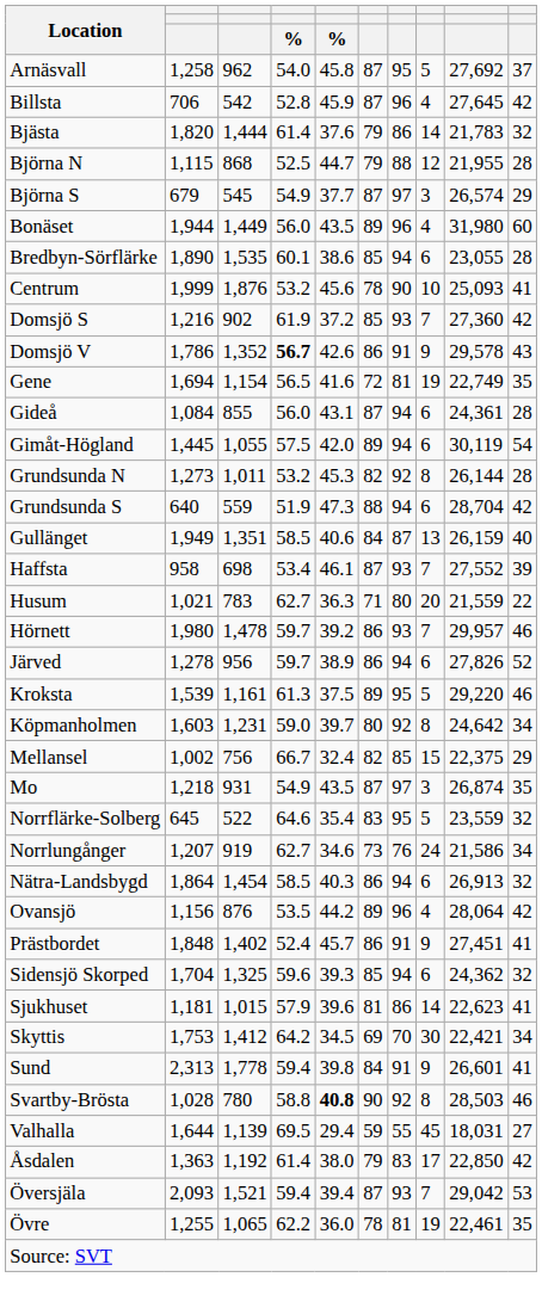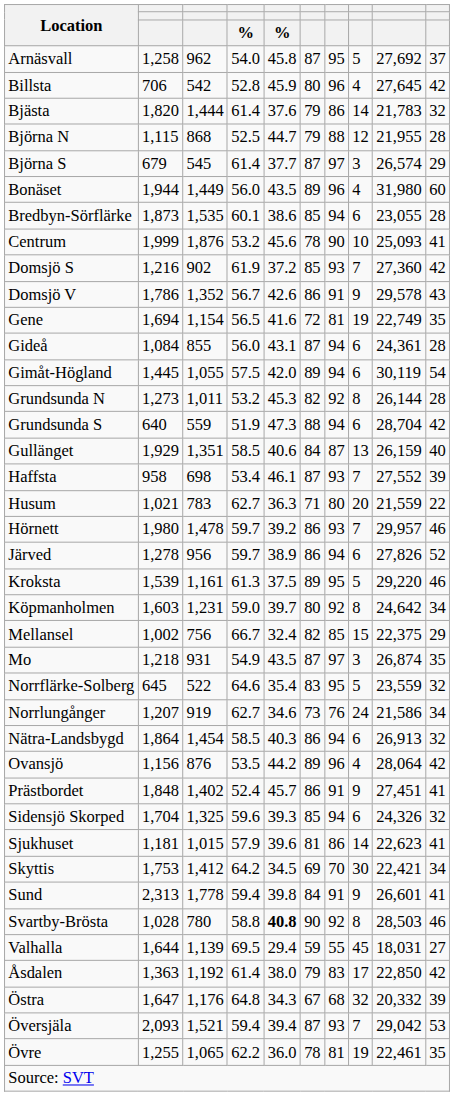 <table role="presentation" class="wikitable sortable mw-collapsible">
 <tr>
 <th rowspan="3">Location</th>
 <th></th>
 <th></th>
 <th></th>
 <th></th>
 <th></th>
 <th></th>
 <th></th>
 <th></th>
 <th></th>
 </tr>
 <tr>
 <th></th>
 <th></th>
 <th style="background:"></th>
 <th style="background:"></th>
 <th></th>
 <th></th>
 <th></th>
 <th></th>
 <th></th>
 </tr>
 <tr>
 <th data-sort-type="number"></th>
 <th data-sort-type="number"></th>
 <th data-sort-type="number">%</th>
 <th data-sort-type="number">%</th>
 <th data-sort-type="number"></th>
 <th data-sort-type="number"></th>
 <th data-sort-type="number"></th>
 <th data-sort-type="number"></th>
 <th data-sort-type="number"></th>
 </tr>
 <tr>
 <td align="left">Arnäsvall</td>
 <td>1,258</td>
 <td>962</td>
 <td>54.0</td>
 <td>45.8</td>
 <td>87</td>
 <td>95</td>
 <td>5</td>
 <td>27,692</td>
 <td>37</td>
 </tr>
 <tr>
 <td align="left">Billsta</td>
 <td>706</td>
 <td>542</td>
 <td>52.8</td>
 <td>45.9</td>
-<td>87</td>
+<td>80</td>
 <td>96</td>
 <td>4</td>
 <td>27,645</td>
 <td>42</td>
 </tr>
 <tr>
 <td align="left">Bjästa</td>
 <td>1,820</td>
 <td>1,444</td>
 <td>61.4</td>
 <td>37.6</td>
 <td>79</td>
 <td>86</td>
 <td>14</td>
 <td>21,783</td>
 <td>32</td>
 </tr>
 <tr>
 <td align="left">Björna N</td>
 <td>1,115</td>
 <td>868</td>
 <td>52.5</td>
 <td>44.7</td>
 <td>79</td>
 <td>88</td>
 <td>12</td>
 <td>21,955</td>
 <td>28</td>
 </tr>
 <tr>
 <td align="left">Björna S</td>
 <td>679</td>
 <td>545</td>
-<td>54.9</td>
+<td>61.4</td>
 <td>37.7</td>
 <td>87</td>
 <td>97</td>
 <td>3</td>
 <td>26,574</td>
 <td>29</td>
 </tr>
 <tr>
 <td align="left">Bonäset</td>
 <td>1,944</td>
 <td>1,449</td>
 <td>56.0</td>
 <td>43.5</td>
 <td>89</td>
 <td>96</td>
 <td>4</td>
 <td>31,980</td>
 <td>60</td>
 </tr>
 <tr>
 <td align="left">Bredbyn-Sörflärke</td>
-<td>1,890</td>
+<td>1,873</td>
 <td>1,535</td>
 <td>60.1</td>
 <td>38.6</td>
 <td>85</td>
 <td>94</td>
 <td>6</td>
 <td>23,055</td>
 <td>28</td>
 </tr>
 <tr>
 <td align="left">Centrum</td>
 <td>1,999</td>
 <td>1,876</td>
 <td>53.2</td>
 <td>45.6</td>
 <td>78</td>
 <td>90</td>
 <td>10</td>
 <td>25,093</td>
 <td>41</td>
 </tr>
 <tr>
 <td align="left">Domsjö S</td>
 <td>1,216</td>
 <td>902</td>
 <td>61.9</td>
 <td>37.2</td>
 <td>85</td>
 <td>93</td>
 <td>7</td>
 <td>27,360</td>
 <td>42</td>
 </tr>
 <tr>
 <td align="left">Domsjö V</td>
 <td>1,786</td>
 <td>1,352</td>
-<td><strong>56.7</strong></td>
+<td>56.7</td>
 <td>42.6</td>
 <td>86</td>
 <td>91</td>
 <td>9</td>
 <td>29,578</td>
 <td>43</td>
 </tr>
 <tr>
 <td align="left">Gene</td>
 <td>1,694</td>
 <td>1,154</td>
 <td>56.5</td>
 <td>41.6</td>
 <td>72</td>
 <td>81</td>
 <td>19</td>
 <td>22,749</td>
 <td>35</td>
 </tr>
 <tr>
 <td align="left">Gideå</td>
 <td>1,084</td>
 <td>855</td>
 <td>56.0</td>
 <td>43.1</td>
 <td>87</td>
 <td>94</td>
 <td>6</td>
 <td>24,361</td>
 <td>28</td>
 </tr>
 <tr>
 <td align="left">Gimåt-Högland</td>
 <td>1,445</td>
 <td>1,055</td>
 <td>57.5</td>
 <td>42.0</td>
 <td>89</td>
 <td>94</td>
 <td>6</td>
 <td>30,119</td>
 <td>54</td>
 </tr>
 <tr>
 <td align="left">Grundsunda N</td>
 <td>1,273</td>
 <td>1,011</td>
 <td>53.2</td>
 <td>45.3</td>
 <td>82</td>
 <td>92</td>
 <td>8</td>
 <td>26,144</td>
 <td>28</td>
 </tr>
 <tr>
 <td align="left">Grundsunda S</td>
 <td>640</td>
 <td>559</td>
 <td>51.9</td>
 <td>47.3</td>
 <td>88</td>
 <td>94</td>
 <td>6</td>
 <td>28,704</td>
 <td>42</td>
 </tr>
 <tr>
 <td align="left">Gullänget</td>
-<td>1,949</td>
+<td>1,929</td>
 <td>1,351</td>
 <td>58.5</td>
 <td>40.6</td>
 <td>84</td>
 <td>87</td>
 <td>13</td>
 <td>26,159</td>
 <td>40</td>
 </tr>
 <tr>
 <td align="left">Haffsta</td>
 <td>958</td>
 <td>698</td>
 <td>53.4</td>
 <td>46.1</td>
 <td>87</td>
 <td>93</td>
 <td>7</td>
 <td>27,552</td>
 <td>39</td>
 </tr>
 <tr>
 <td align="left">Husum</td>
 <td>1,021</td>
 <td>783</td>
 <td>62.7</td>
 <td>36.3</td>
 <td>71</td>
 <td>80</td>
 <td>20</td>
 <td>21,559</td>
 <td>22</td>
 </tr>
 <tr>
 <td align="left">Hörnett</td>
 <td>1,980</td>
 <td>1,478</td>
 <td>59.7</td>
 <td>39.2</td>
 <td>86</td>
 <td>93</td>
 <td>7</td>
 <td>29,957</td>
 <td>46</td>
 </tr>
 <tr>
 <td align="left">Järved</td>
 <td>1,278</td>
 <td>956</td>
 <td>59.7</td>
 <td>38.9</td>
 <td>86</td>
 <td>94</td>
 <td>6</td>
 <td>27,826</td>
 <td>52</td>
 </tr>
 <tr>
 <td align="left">Kroksta</td>
 <td>1,539</td>
 <td>1,161</td>
 <td>61.3</td>
 <td>37.5</td>
 <td>89</td>
 <td>95</td>
 <td>5</td>
 <td>29,220</td>
 <td>46</td>
 </tr>
 <tr>
 <td align="left">Köpmanholmen</td>
 <td>1,603</td>
 <td>1,231</td>
 <td>59.0</td>
 <td>39.7</td>
 <td>80</td>
 <td>92</td>
 <td>8</td>
 <td>24,642</td>
 <td>34</td>
 </tr>
 <tr>
 <td align="left">Mellansel</td>
 <td>1,002</td>
 <td>756</td>
 <td>66.7</td>
 <td>32.4</td>
 <td>82</td>
 <td>85</td>
 <td>15</td>
 <td>22,375</td>
 <td>29</td>
 </tr>
 <tr>
 <td align="left">Mo</td>
 <td>1,218</td>
 <td>931</td>
 <td>54.9</td>
 <td>43.5</td>
 <td>87</td>
 <td>97</td>
 <td>3</td>
 <td>26,874</td>
 <td>35</td>
 </tr>
 <tr>
 <td align="left">Norrflärke-Solberg</td>
 <td>645</td>
 <td>522</td>
 <td>64.6</td>
 <td>35.4</td>
 <td>83</td>
 <td>95</td>
 <td>5</td>
 <td>23,559</td>
 <td>32</td>
 </tr>
 <tr>
 <td align="left">Norrlungånger</td>
 <td>1,207</td>
 <td>919</td>
 <td>62.7</td>
 <td>34.6</td>
 <td>73</td>
 <td>76</td>
 <td>24</td>
 <td>21,586</td>
 <td>34</td>
 </tr>
 <tr>
 <td align="left">Nätra-Landsbygd</td>
 <td>1,864</td>
 <td>1,454</td>
 <td>58.5</td>
 <td>40.3</td>
 <td>86</td>
 <td>94</td>
 <td>6</td>
 <td>26,913</td>
 <td>32</td>
 </tr>
 <tr>
 <td align="left">Ovansjö</td>
 <td>1,156</td>
 <td>876</td>
 <td>53.5</td>
 <td>44.2</td>
 <td>89</td>
 <td>96</td>
 <td>4</td>
 <td>28,064</td>
 <td>42</td>
 </tr>
 <tr>
 <td align="left">Prästbordet</td>
 <td>1,848</td>
 <td>1,402</td>
 <td>52.4</td>
 <td>45.7</td>
 <td>86</td>
 <td>91</td>
 <td>9</td>
 <td>27,451</td>
 <td>41</td>
 </tr>
 <tr>
 <td align="left">Sidensjö Skorped</td>
 <td>1,704</td>
 <td>1,325</td>
 <td>59.6</td>
 <td>39.3</td>
 <td>85</td>
 <td>94</td>
 <td>6</td>
-<td>24,362</td>
+<td>24,326</td>
 <td>32</td>
 </tr>
 <tr>
 <td align="left">Sjukhuset</td>
 <td>1,181</td>
 <td>1,015</td>
 <td>57.9</td>
 <td>39.6</td>
 <td>81</td>
 <td>86</td>
 <td>14</td>
 <td>22,623</td>
 <td>41</td>
 </tr>
 <tr>
 <td align="left">Skyttis</td>
 <td>1,753</td>
 <td>1,412</td>
 <td>64.2</td>
 <td>34.5</td>
 <td>69</td>
 <td>70</td>
 <td>30</td>
 <td>22,421</td>
 <td>34</td>
 </tr>
 <tr>
 <td align="left">Sund</td>
 <td>2,313</td>
 <td>1,778</td>
 <td>59.4</td>
 <td>39.8</td>
 <td>84</td>
 <td>91</td>
 <td>9</td>
 <td>26,601</td>
 <td>41</td>
 </tr>
 <tr>
 <td align="left">Svartby-Brösta</td>
 <td>1,028</td>
 <td>780</td>
 <td>58.8</td>
 <td><strong>40.8</strong></td>
 <td>90</td>
 <td>92</td>
 <td>8</td>
 <td>28,503</td>
 <td>46</td>
 </tr>
 <tr>
 <td align="left">Valhalla</td>
 <td>1,644</td>
 <td>1,139</td>
 <td>69.5</td>
 <td>29.4</td>
 <td>59</td>
 <td>55</td>
 <td>45</td>
 <td>18,031</td>
 <td>27</td>
 </tr>
 <tr>
 <td align="left">Åsdalen</td>
 <td>1,363</td>
 <td>1,192</td>
 <td>61.4</td>
 <td>38.0</td>
 <td>79</td>
 <td>83</td>
 <td>17</td>
 <td>22,850</td>
 <td>42</td>
 </tr>
 <tr>
+<td align="left">Östra</td>
+<td>1,647</td>
+<td>1,176</td>
+<td>64.8</td>
+<td>34.3</td>
+<td>67</td>
+<td>68</td>
+<td>32</td>
+<td>20,332</td>
+<td>39</td>
+</tr>
+<tr>
 <td align="left">Översjäla</td>
 <td>2,093</td>
 <td>1,521</td>
 <td>59.4</td>
 <td>39.4</td>
 <td>87</td>
 <td>93</td>
 <td>7</td>
 <td>29,042</td>
 <td>53</td>
 </tr>
 <tr>
 <td align="left">Övre</td>
 <td>1,255</td>
 <td>1,065</td>
 <td>62.2</td>
 <td>36.0</td>
 <td>78</td>
 <td>81</td>
 <td>19</td>
 <td>22,461</td>
 <td>35</td>
 </tr>
 <tr>
 <td colspan="10" align="left">Source: <a href='#'>SVT</a></td>
 </tr>
 </table>
